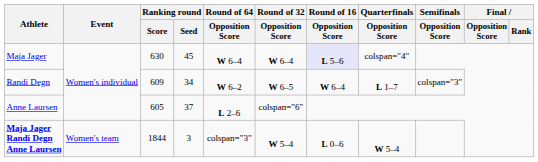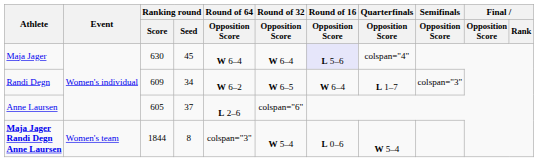 <table class="wikitable" style="text-align:center; font-size:90%">
 <tr>
 <th rowspan="2">Athlete</th>
 <th rowspan="2">Event</th>
 <th colspan="2">Ranking round</th>
 <th>Round of 64</th>
 <th>Round of 32</th>
 <th>Round of 16</th>
 <th>Quarterfinals</th>
 <th>Semifinals</th>
 <th colspan="2">Final / </th>
 </tr>
 <tr style="font-size:95%">
 <th>Score</th>
 <th>Seed</th>
 <th>Opposition<br>Score</th>
 <th>Opposition<br>Score</th>
 <th>Opposition<br>Score</th>
 <th>Opposition<br>Score</th>
 <th>Opposition<br>Score</th>
 <th>Opposition<br>Score</th>
 <th>Rank</th>
 </tr>
 <tr>
 <td align="left"><a href='#'>Maja Jager</a></td>
 <td align="left" rowspan="3"><a href='#'>Women's individual</a></td>
 <td>630</td>
 <td>45</td>
 <td><br> <strong>W</strong> 6–4</td>
 <td><br> <strong>W</strong> 6–4</td>
 <td style="background: lavender;"><br> <strong>L</strong> 5–6</td>
 <td>colspan="4" </td>
 </tr>
 <tr>
 <td align="left"><a href='#'>Randi Degn</a></td>
 <td>609</td>
 <td>34</td>
 <td><br> <strong>W</strong> 6–2</td>
 <td><br> <strong>W</strong> 6–5</td>
 <td><br> <strong>W</strong> 6–4</td>
 <td><br> <strong>L</strong> 1–7</td>
 <td>colspan="3" </td>
 </tr>
 <tr>
 <td align="left"><a href='#'>Anne Laursen</a></td>
 <td>605</td>
 <td>37</td>
 <td><br> <strong>L</strong> 2–6</td>
 <td>colspan="6" </td>
 </tr>
 <tr>
 <td align="left"><strong><a href='#'>Maja Jager</a><br><a href='#'>Randi Degn</a><br><a href='#'>Anne Laursen</a></strong></td>
 <td align="left"><a href='#'>Women's team</a></td>
 <td>1844</td>
-<td>3</td>
+<td>8</td>
 <td>colspan="3" </td>
 <td><br><strong>W</strong> 5–4</td>
 <td><br><strong>L</strong> 0–6</td>
 <td><strong></strong><br><br><strong>W</strong> 5–4</td>
 <td></td>
 </tr>
 </table>
